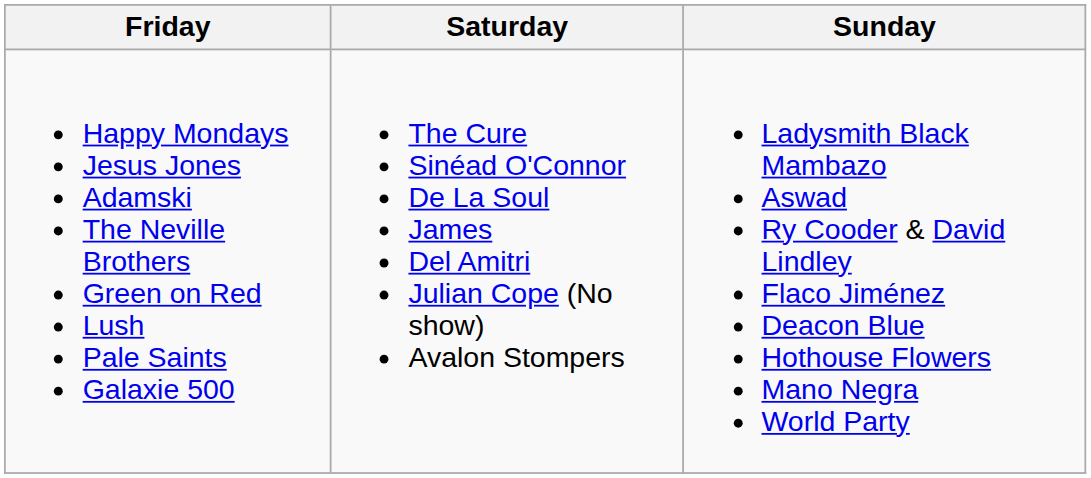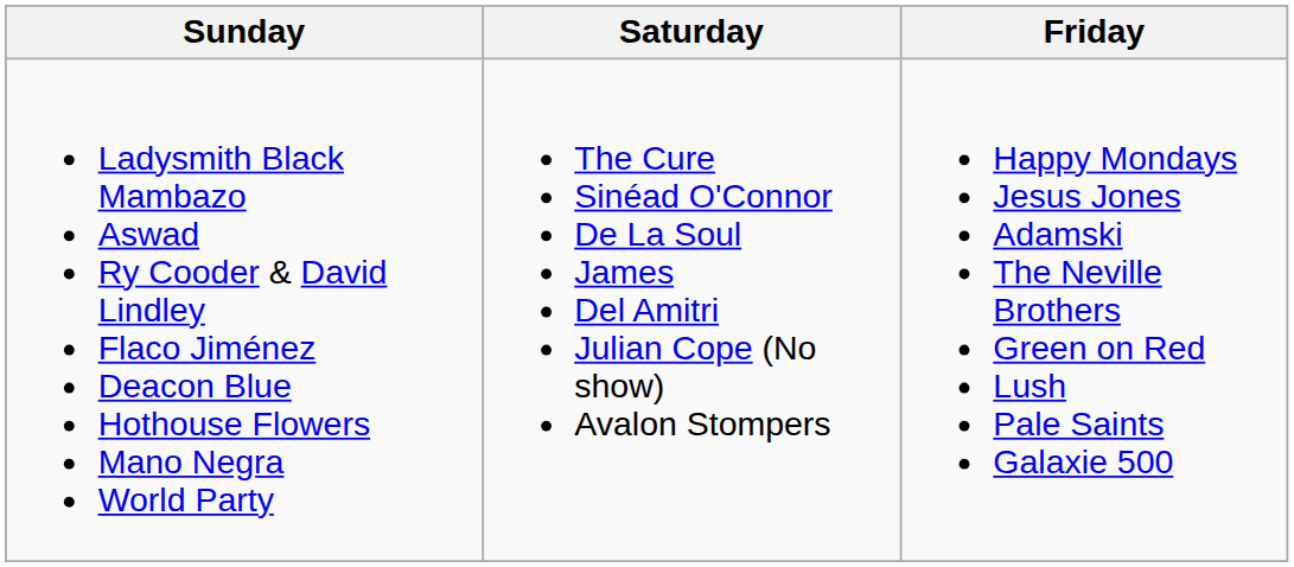 <table class="wikitable">
 <tr>
+<th>Sunday</th>
+<th>Saturday</th>
 <th>Friday</th>
-<th>Saturday</th>
-<th>Sunday</th>
 </tr>
 <tr valign="top">
+<td><br><ul><li><a href='#'>Ladysmith Black Mambazo</a></li><li><a href='#'>Aswad</a></li><li><a href='#'>Ry Cooder</a> & <a href='#'>David Lindley</a></li><li><a href='#'>Flaco Jiménez</a></li><li><a href='#'>Deacon Blue</a></li><li><a href='#'>Hothouse Flowers</a></li><li><a href='#'>Mano Negra</a></li><li><a href='#'>World Party</a></li></ul></td>
+<td><br><ul><li><a href='#'>The Cure</a></li><li><a href='#'>Sinéad O'Connor</a></li><li><a href='#'>De La Soul</a></li><li><a href='#'>James</a></li><li><a href='#'>Del Amitri</a></li><li><a href='#'>Julian Cope</a> (No show)</li><li>Avalon Stompers</li></ul></td>
 <td><br><ul><li><a href='#'>Happy Mondays</a></li><li><a href='#'>Jesus Jones</a></li><li><a href='#'>Adamski</a></li><li><a href='#'>The Neville Brothers</a></li><li><a href='#'>Green on Red</a></li><li><a href='#'>Lush</a></li><li><a href='#'>Pale Saints</a></li><li><a href='#'>Galaxie 500</a></li></ul></td>
-<td><br><ul><li><a href='#'>The Cure</a></li><li><a href='#'>Sinéad O'Connor</a></li><li><a href='#'>De La Soul</a></li><li><a href='#'>James</a></li><li><a href='#'>Del Amitri</a></li><li><a href='#'>Julian Cope</a> (No show)</li><li>Avalon Stompers</li></ul></td>
-<td><br><ul><li><a href='#'>Ladysmith Black Mambazo</a></li><li><a href='#'>Aswad</a></li><li><a href='#'>Ry Cooder</a> & <a href='#'>David Lindley</a></li><li><a href='#'>Flaco Jiménez</a></li><li><a href='#'>Deacon Blue</a></li><li><a href='#'>Hothouse Flowers</a></li><li><a href='#'>Mano Negra</a></li><li><a href='#'>World Party</a></li></ul></td>
 </tr>
 </table>
